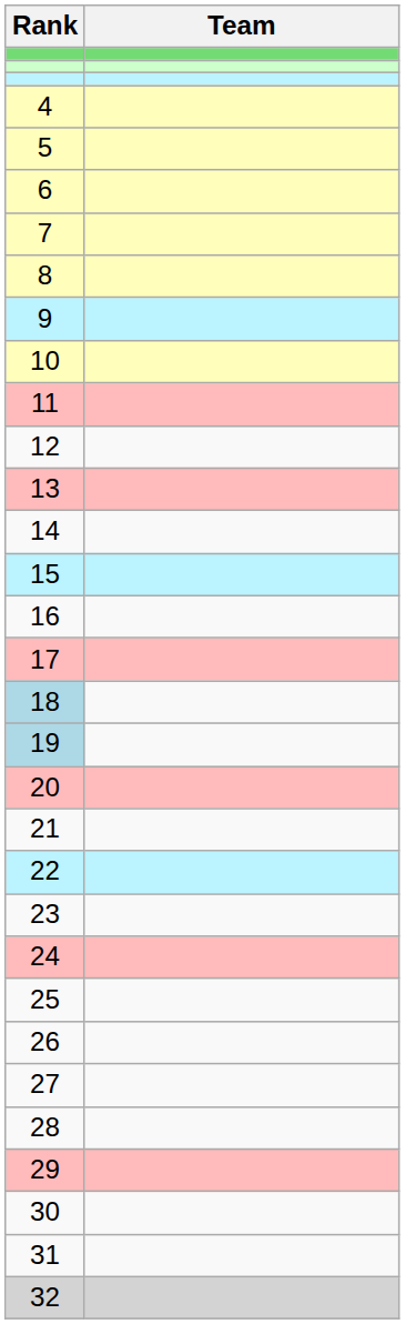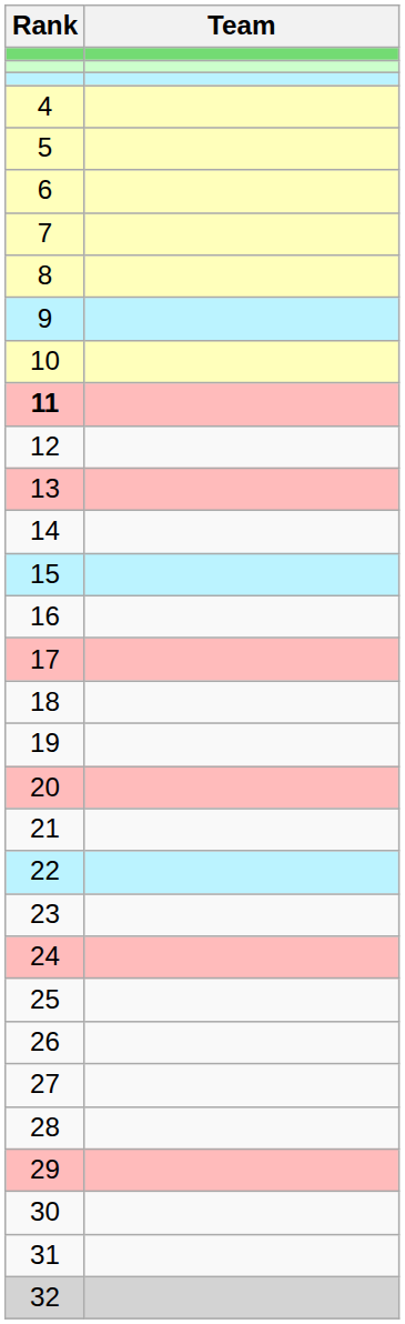 <table class="wikitable">
 <tr>
 <th style="width: 40px;">Rank</th>
 <th style="width: 180px;">Team</th>
 </tr>
 <tr style="background: #73DB73;">
 <td style="text-align: center;"></td>
 <td></td>
 </tr>
 <tr style="background: #CCFFCC;">
 <td style="text-align: center;"></td>
 <td></td>
 </tr>
 <tr style="background: #BBF3FF;">
 <td style="text-align: center;"></td>
 <td></td>
 </tr>
 <tr style="background: #FFFFBB;">
 <td style="text-align: center;">4</td>
 <td></td>
 </tr>
 <tr style="background: #FFFFBB;">
 <td style="text-align: center;">5</td>
 <td></td>
 </tr>
 <tr style="background: #FFFFBB;">
 <td style="text-align: center;">6</td>
 <td></td>
 </tr>
 <tr style="background: #FFFFBB;">
 <td style="text-align: center;">7</td>
 <td></td>
 </tr>
 <tr style="background: #FFFFBB;">
 <td style="text-align: center;">8</td>
 <td></td>
 </tr>
 <tr style="background: #BBF3FF;">
 <td style="text-align: center;">9</td>
 <td></td>
 </tr>
 <tr style="background: #FFFFBB;">
 <td style="text-align: center;">10</td>
 <td></td>
 </tr>
 <tr style="background: #FFBBBB;">
-<td style="text-align: center;">11</td>
+<td style="text-align: center;"><strong>11</strong></td>
 <td></td>
 </tr>
 <tr>
 <td style="text-align: center;">12</td>
 <td></td>
 </tr>
 <tr style="background: #FFBBBB;">
 <td style="text-align: center;">13</td>
 <td></td>
 </tr>
 <tr>
 <td style="text-align: center;">14</td>
 <td></td>
 </tr>
 <tr style="background: #BBF3FF;">
 <td style="text-align: center;">15</td>
 <td></td>
 </tr>
 <tr>
 <td style="text-align: center;">16</td>
 <td></td>
 </tr>
 <tr style="background: #FFBBBB;">
 <td style="text-align: center;">17</td>
 <td></td>
 </tr>
 <tr>
-<td style="background: lightblue; text-align: center;">18</td>
+<td style="text-align: center;">18</td>
 <td></td>
 </tr>
 <tr>
-<td style="background: lightblue; text-align: center;">19</td>
+<td style="text-align: center;">19</td>
 <td></td>
 </tr>
 <tr style="background: #FFBBBB;">
 <td style="text-align: center;">20</td>
 <td></td>
 </tr>
 <tr>
 <td style="text-align: center;">21</td>
 <td></td>
 </tr>
 <tr style="background: #BBF3FF;">
 <td style="text-align: center;">22</td>
 <td></td>
 </tr>
 <tr>
 <td style="text-align: center;">23</td>
 <td></td>
 </tr>
 <tr style="background: #FFBBBB;">
 <td style="text-align: center;">24</td>
 <td></td>
 </tr>
 <tr>
 <td style="text-align: center;">25</td>
 <td></td>
 </tr>
 <tr>
 <td style="text-align: center;">26</td>
 <td></td>
 </tr>
 <tr>
 <td style="text-align: center;">27</td>
 <td></td>
 </tr>
 <tr>
 <td style="text-align: center;">28</td>
 <td></td>
 </tr>
 <tr style="background: #FFBBBB;">
 <td style="text-align: center;">29</td>
 <td></td>
 </tr>
 <tr>
 <td style="text-align: center;">30</td>
 <td></td>
 </tr>
 <tr>
 <td style="text-align: center;">31</td>
 <td></td>
 </tr>
 <tr style="background: lightgrey;">
 <td style="text-align: center;">32</td>
 <td></td>
 </tr>
 </table>
